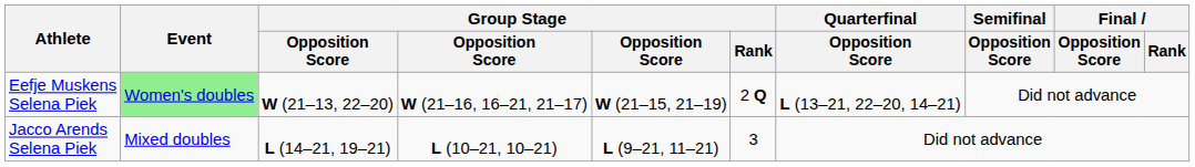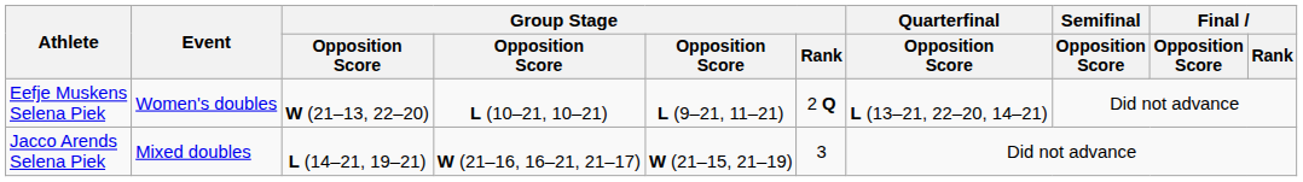 <table class="wikitable" style="font-size:90%">
 <tr>
 <th rowspan=2>Athlete</th>
 <th rowspan=2>Event</th>
 <th colspan=4>Group Stage</th>
 <th>Quarterfinal</th>
 <th>Semifinal</th>
 <th colspan=2>Final / </th>
 </tr>
 <tr style="font-size:95%">
 <th>Opposition<br>Score</th>
 <th>Opposition<br>Score</th>
 <th>Opposition<br>Score</th>
 <th>Rank</th>
 <th>Opposition<br>Score</th>
 <th>Opposition<br>Score</th>
 <th>Opposition<br>Score</th>
 <th>Rank</th>
 </tr>
 <tr align=center>
 <td align=left><a href='#'>Eefje Muskens</a><br><a href='#'>Selena Piek</a></td>
-<td align=left style="background: lightgreen;"><a href='#'>Women's doubles</a></td>
+<td align=left><a href='#'>Women's doubles</a></td>
 <td><br><strong>W</strong> (21–13, 22–20)</td>
-<td><br><strong>W</strong> (21–16, 16–21, 21–17)</td>
-<td><br><strong>W</strong> (21–15, 21–19)</td>
+<td><br><strong>L</strong> (10–21, 10–21)</td>
+<td><br><strong>L</strong> (9–21, 11–21)</td>
 <td>2 <strong>Q</strong></td>
 <td><br><strong>L</strong> (13–21, 22–20, 14–21)</td>
 <td colspan=4>Did not advance</td>
 </tr>
 <tr align=center>
 <td align=left><a href='#'>Jacco Arends</a><br><a href='#'>Selena Piek</a></td>
 <td align=left><a href='#'>Mixed doubles</a></td>
 <td><br><strong>L</strong> (14–21, 19–21)</td>
-<td><br><strong>L</strong> (10–21, 10–21)</td>
-<td><br><strong>L</strong> (9–21, 11–21)</td>
+<td><br><strong>W</strong> (21–16, 16–21, 21–17)</td>
+<td><br><strong>W</strong> (21–15, 21–19)</td>
 <td>3</td>
 <td colspan=4>Did not advance</td>
 </tr>
 </table>
